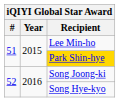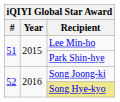 <table class="wikitable collapsible collapsed">
 <tr>
 <th colspan="3">iQIYI Global Star Award</th>
 </tr>
 <tr>
 <th>#</th>
 <th>Year</th>
 <th>Recipient</th>
 </tr>
 <tr>
 <td rowspan="2"><a href='#'>51</a></td>
 <td rowspan=2>2015</td>
 <td><a href='#'>Lee Min-ho</a></td>
 </tr>
 <tr>
-<td style="background: gold;"><a href='#'>Park Shin-hye</a></td>
+<td><a href='#'>Park Shin-hye</a></td>
 </tr>
 <tr>
 <td rowspan="2"><a href='#'>52</a></td>
 <td rowspan=2>2016</td>
 <td><a href='#'>Song Joong-ki</a></td>
 </tr>
 <tr>
-<td><a href='#'>Song Hye-kyo</a></td>
+<td style="background: khaki;"><a href='#'>Song Hye-kyo</a></td>
 </tr>
 </table>
